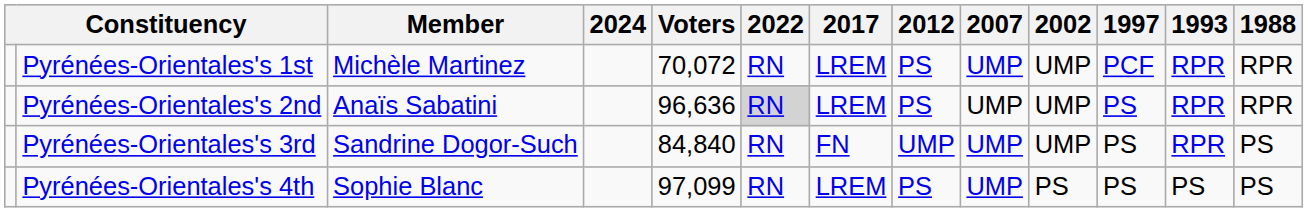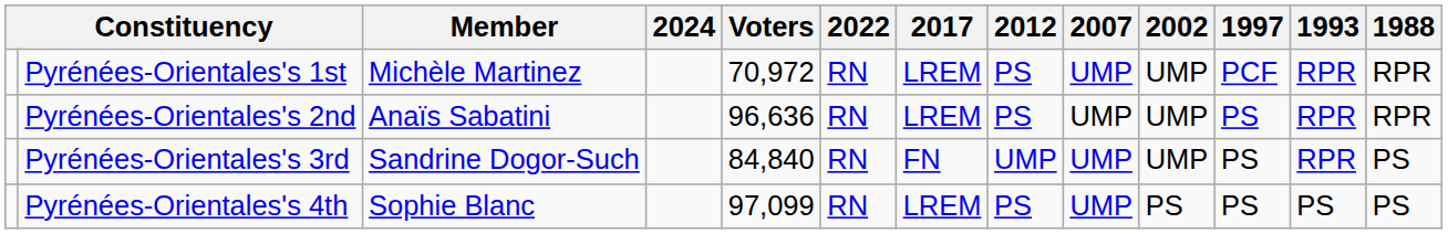 <table class="wikitable sortable">
 <tr>
 <th colspan="2">Constituency</th>
 <th>Member</th>
 <th>2024</th>
 <th>Voters</th>
 <th>2022</th>
 <th>2017</th>
 <th>2012</th>
 <th>2007</th>
 <th>2002</th>
 <th>1997</th>
 <th>1993</th>
 <th>1988</th>
 </tr>
 <tr>
 <td style="background-color: "></td>
 <td><a href='#'>Pyrénées-Orientales's 1st</a></td>
 <td><a href='#'>Michèle Martinez</a></td>
 <td></td>
-<td>70,072</td>
+<td>70,972</td>
 <td><a href='#'>RN</a></td>
 <td><a href='#'>LREM</a></td>
 <td><a href='#'>PS</a></td>
 <td><a href='#'>UMP</a></td>
 <td>UMP</td>
 <td><a href='#'>PCF</a></td>
 <td><a href='#'>RPR</a></td>
 <td>RPR</td>
 </tr>
 <tr>
 <td style="background-color: "></td>
 <td><a href='#'>Pyrénées-Orientales's 2nd</a></td>
 <td><a href='#'>Anaïs Sabatini</a></td>
 <td></td>
 <td>96,636</td>
-<td style="background: lightgrey;"><a href='#'>RN</a></td>
+<td><a href='#'>RN</a></td>
 <td><a href='#'>LREM</a></td>
 <td><a href='#'>PS</a></td>
 <td>UMP</td>
 <td>UMP</td>
 <td><a href='#'>PS</a></td>
 <td><a href='#'>RPR</a></td>
 <td>RPR</td>
 </tr>
 <tr>
 <td style="background-color: "></td>
 <td><a href='#'>Pyrénées-Orientales's 3rd</a></td>
 <td><a href='#'>Sandrine Dogor-Such</a></td>
 <td></td>
 <td>84,840</td>
 <td><a href='#'>RN</a></td>
 <td><a href='#'>FN</a></td>
 <td><a href='#'>UMP</a></td>
 <td><a href='#'>UMP</a></td>
 <td>UMP</td>
 <td>PS</td>
 <td><a href='#'>RPR</a></td>
 <td>PS</td>
 </tr>
 <tr>
 <td style="background-color: "></td>
 <td><a href='#'>Pyrénées-Orientales's 4th</a></td>
 <td><a href='#'>Sophie Blanc</a></td>
 <td></td>
 <td>97,099</td>
 <td><a href='#'>RN</a></td>
 <td><a href='#'>LREM</a></td>
 <td><a href='#'>PS</a></td>
 <td><a href='#'>UMP</a></td>
 <td>PS</td>
 <td>PS</td>
 <td>PS</td>
 <td>PS</td>
 </tr>
 </table>
